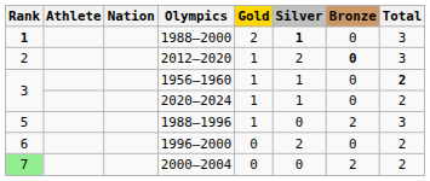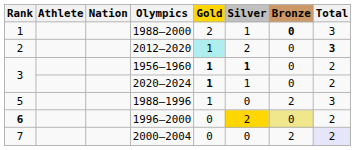 <table class="wikitable sortable" style="text-align:center">
 <tr>
 <th>Rank</th>
 <th>Athlete</th>
 <th>Nation</th>
 <th>Olympics</th>
 <th style="background-color:gold">Gold</th>
 <th style="background-color:silver">Silver</th>
 <th style="background-color:#cc9966">Bronze</th>
 <th>Total</th>
 </tr>
 <tr>
-<td><strong>1</strong></td>
+<td>1</td>
 <td align=left></td>
 <td align=left><br></td>
 <td>1988–2000</td>
 <td>2</td>
-<td><strong>1</strong></td>
-<td>0</td>
+<td>1</td>
+<td><strong>0</strong></td>
 <td>3</td>
 </tr>
 <tr>
 <td>2</td>
 <td align="left"></td>
 <td align="left"></td>
 <td>2012–2020</td>
-<td>1</td>
+<td style="background: paleturquoise;">1</td>
 <td>2</td>
-<td><strong>0</strong></td>
-<td>3</td>
+<td>0</td>
+<td><strong>3</strong></td>
 </tr>
 <tr>
 <td rowspan="2">3</td>
 <td align="left"></td>
 <td align="left"></td>
 <td>1956–1960</td>
-<td>1</td>
-<td>1</td>
+<td><strong>1</strong></td>
+<td><strong>1</strong></td>
 <td>0</td>
-<td><strong>2</strong></td>
+<td>2</td>
 </tr>
 <tr>
 <td align="left"></td>
 <td align="left"></td>
 <td>2020–2024</td>
-<td>1</td>
+<td><strong>1</strong></td>
 <td>1</td>
 <td>0</td>
 <td>2</td>
 </tr>
 <tr>
 <td>5</td>
 <td align=left></td>
 <td align=left></td>
 <td>1988–1996</td>
 <td>1</td>
 <td>0</td>
 <td>2</td>
 <td>3</td>
 </tr>
 <tr>
-<td>6</td>
+<td><strong>6</strong></td>
 <td align=left></td>
 <td align=left></td>
 <td>1996–2000</td>
 <td>0</td>
-<td>2</td>
-<td>0</td>
+<td style="background: gold;">2</td>
+<td style="background: khaki;">0</td>
 <td>2</td>
 </tr>
 <tr>
-<td style="background: lightgreen;">7</td>
+<td>7</td>
 <td align=left></td>
 <td align=left></td>
 <td>2000–2004</td>
 <td>0</td>
 <td>0</td>
 <td>2</td>
-<td>2</td>
+<td style="background: lavender;">2</td>
 </tr>
 </table>
